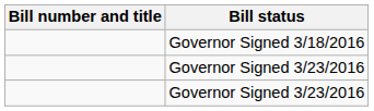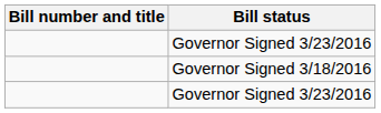 <table class="wikitable">
 <tr>
 <th>Bill number and title</th>
 <th>Bill status</th>
+</tr>
+<tr>
+<td></td>
+<td>Governor Signed 3/23/2016</td>
 </tr>
 <tr>
 <td></td>
 <td>Governor Signed 3/18/2016</td>
 </tr>
 <tr>
 <td></td>
 <td>Governor Signed 3/23/2016</td>
 </tr>
-<tr>
-<td></td>
-<td>Governor Signed 3/23/2016</td>
-</tr>
 </table>
